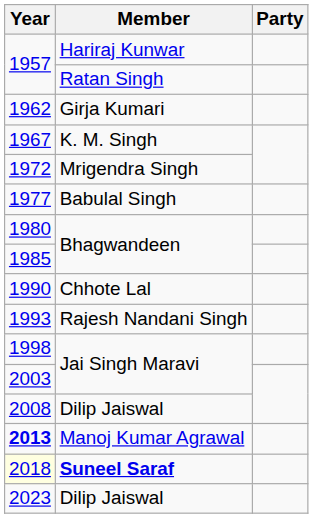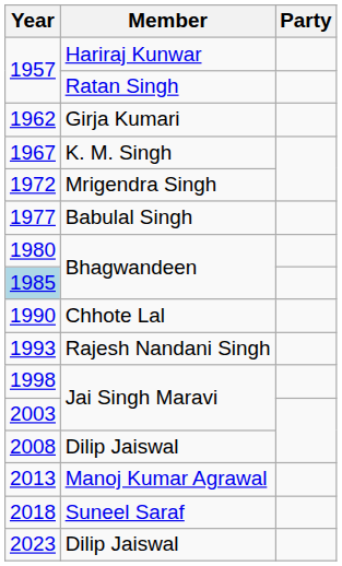 <table class="wikitable sortable">
 <tr>
 <th>Year</th>
 <th>Member</th>
 <th colspan="2">Party</th>
 </tr>
 <tr>
 <td rowspan=2><a href='#'>1957</a></td>
 <td><a href='#'>Hariraj Kunwar</a></td>
 <td></td>
 </tr>
 <tr>
 <td><a href='#'>Ratan Singh</a></td>
 </tr>
 <tr>
 <td><a href='#'>1962</a></td>
 <td>Girja Kumari</td>
 <td></td>
 </tr>
 <tr>
 <td><a href='#'>1967</a></td>
 <td>K. M. Singh</td>
 </tr>
 <tr>
 <td><a href='#'>1972</a></td>
 <td>Mrigendra Singh</td>
 </tr>
 <tr>
 <td><a href='#'>1977</a></td>
 <td>Babulal Singh</td>
 <td></td>
 </tr>
 <tr>
 <td><a href='#'>1980</a></td>
 <td rowspan=2>Bhagwandeen</td>
 <td></td>
 </tr>
 <tr>
-<td><a href='#'>1985</a></td>
+<td style="background: lightblue;"><a href='#'>1985</a></td>
 <td></td>
 </tr>
 <tr>
 <td><a href='#'>1990</a></td>
 <td>Chhote Lal</td>
 <td></td>
 </tr>
 <tr>
 <td><a href='#'>1993</a></td>
 <td>Rajesh Nandani Singh</td>
 <td></td>
 </tr>
 <tr>
 <td><a href='#'>1998</a></td>
 <td rowspan=2>Jai Singh Maravi</td>
 <td></td>
 </tr>
 <tr>
 <td><a href='#'>2003</a></td>
 </tr>
 <tr>
 <td><a href='#'>2008</a></td>
 <td>Dilip Jaiswal</td>
 </tr>
 <tr>
-<td><strong><a href='#'>2013</a></strong></td>
+<td><a href='#'>2013</a></td>
 <td><a href='#'>Manoj Kumar Agrawal</a></td>
 <td></td>
 </tr>
 <tr>
-<td style="background: lightyellow;"><a href='#'>2018</a></td>
-<td><strong><a href='#'>Suneel Saraf</a></strong></td>
+<td><a href='#'>2018</a></td>
+<td><a href='#'>Suneel Saraf</a></td>
 </tr>
 <tr>
 <td><a href='#'>2023</a></td>
 <td>Dilip Jaiswal</td>
 <td></td>
 </tr>
 </table>
